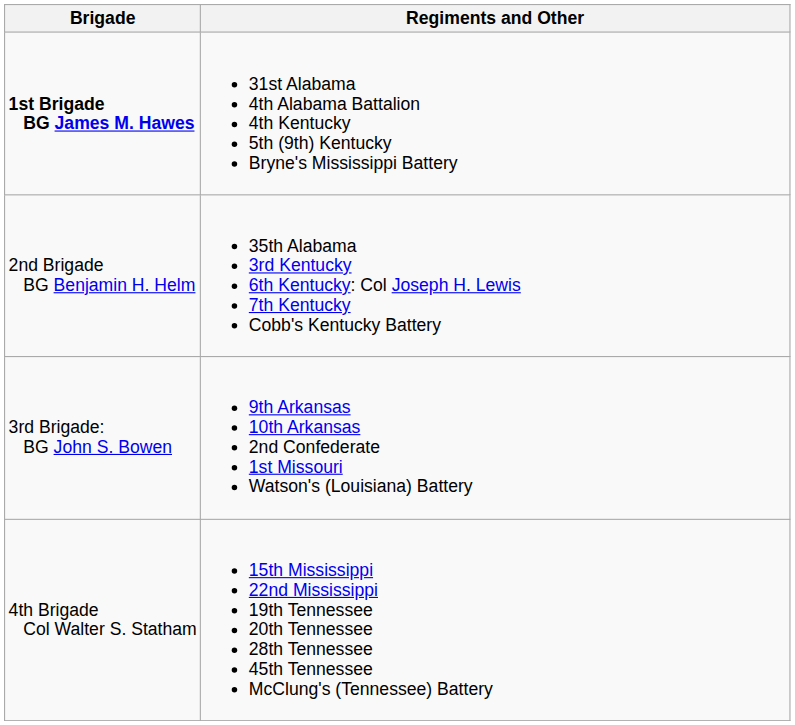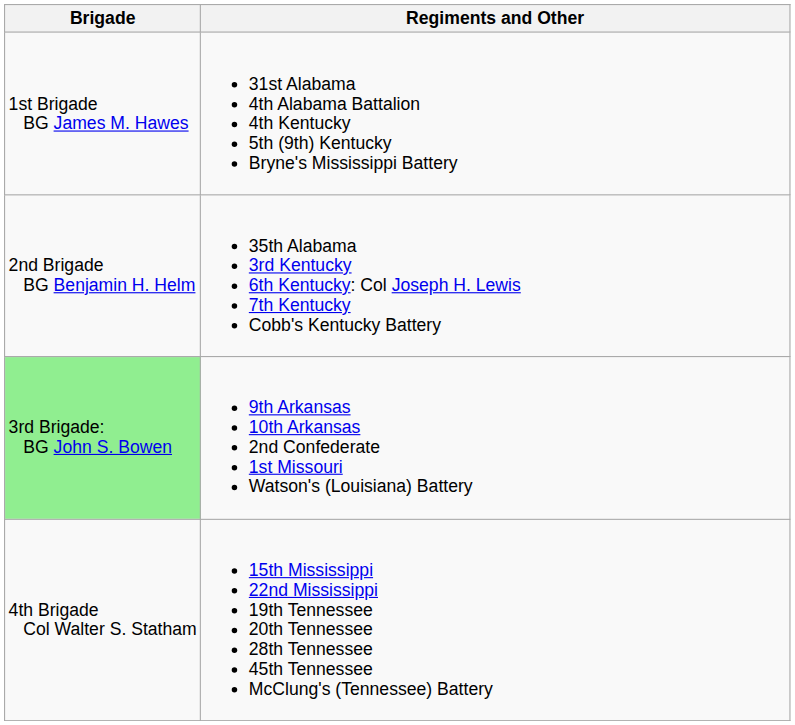 <table class="wikitable">
 <tr>
 <th width=25%>Brigade</th>
 <th>Regiments and Other</th>
 </tr>
 <tr>
-<td><strong>1st Brigade<br>   BG <a href='#'>James M. Hawes</a></strong></td>
+<td>1st Brigade<br>   BG <a href='#'>James M. Hawes</a></td>
 <td><br><ul><li>31st Alabama</li><li>4th Alabama Battalion</li><li>4th Kentucky</li><li>5th (9th) Kentucky</li><li>Bryne's Mississippi Battery</li></ul></td>
 </tr>
 <tr>
 <td>2nd Brigade<br>   BG <a href='#'>Benjamin H. Helm</a></td>
 <td><br><ul><li>35th Alabama</li><li><a href='#'>3rd Kentucky</a></li><li><a href='#'>6th Kentucky</a>: Col <a href='#'>Joseph H. Lewis</a></li><li><a href='#'>7th Kentucky</a></li><li>Cobb's Kentucky Battery</li></ul></td>
 </tr>
 <tr>
-<td>3rd Brigade:<br>   BG <a href='#'>John S. Bowen</a></td>
+<td style="background: lightgreen;">3rd Brigade:<br>   BG <a href='#'>John S. Bowen</a></td>
 <td><br><ul><li><a href='#'>9th Arkansas</a></li><li><a href='#'>10th Arkansas</a></li><li>2nd Confederate</li><li><a href='#'>1st Missouri</a></li><li>Watson's (Louisiana) Battery</li></ul></td>
 </tr>
 <tr>
 <td>4th Brigade<br>   Col Walter S. Statham</td>
 <td><br><ul><li><a href='#'>15th Mississippi</a></li><li><a href='#'>22nd Mississippi</a></li><li>19th Tennessee</li><li>20th Tennessee</li><li>28th Tennessee</li><li>45th Tennessee</li><li>McClung's (Tennessee) Battery</li></ul></td>
 </tr>
 </table>
